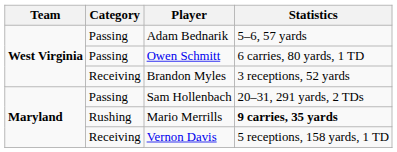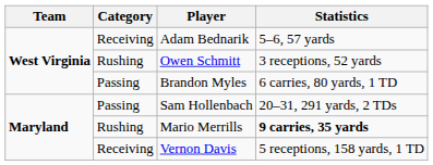 <table class="wikitable" style="float: right;">
 <tr>
 <th>Team</th>
 <th>Category</th>
 <th>Player</th>
 <th>Statistics</th>
 </tr>
 <tr>
 <td rowspan=3><strong>West Virginia</strong></td>
-<td>Passing</td>
+<td>Receiving</td>
 <td>Adam Bednarik</td>
 <td>5–6, 57 yards</td>
 </tr>
 <tr>
-<td>Passing</td>
+<td>Rushing</td>
 <td><a href='#'>Owen Schmitt</a></td>
-<td>6 carries, 80 yards, 1 TD</td>
+<td>3 receptions, 52 yards</td>
 </tr>
 <tr>
-<td>Receiving</td>
+<td>Passing</td>
 <td>Brandon Myles</td>
-<td>3 receptions, 52 yards</td>
+<td>6 carries, 80 yards, 1 TD</td>
 </tr>
 <tr>
 <td rowspan=3><strong>Maryland</strong></td>
 <td>Passing</td>
 <td>Sam Hollenbach</td>
 <td>20–31, 291 yards, 2 TDs</td>
 </tr>
 <tr>
 <td>Rushing</td>
 <td>Mario Merrills</td>
 <td><strong>9 carries, 35 yards</strong></td>
 </tr>
 <tr>
 <td>Receiving</td>
 <td><a href='#'>Vernon Davis</a></td>
 <td>5 receptions, 158 yards, 1 TD</td>
 </tr>
 </table>
